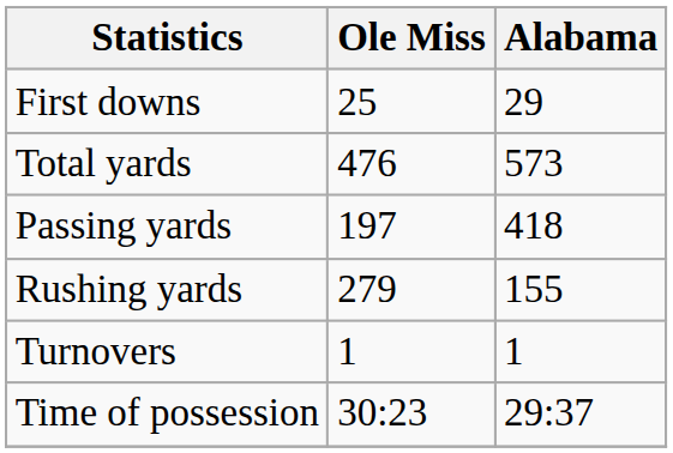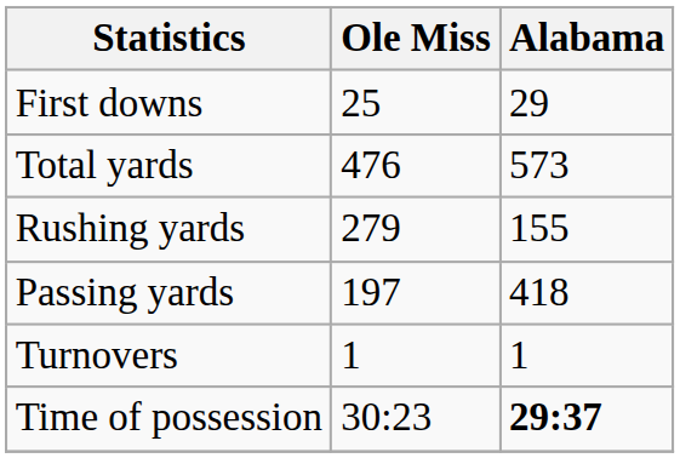 <table class="wikitable" style="float: left;">
 <tr>
 <th>Statistics</th>
 <th>Ole Miss</th>
 <th>Alabama</th>
 </tr>
 <tr>
 <td>First downs</td>
 <td>25</td>
 <td>29</td>
 </tr>
 <tr>
 <td>Total yards</td>
 <td>476</td>
 <td>573</td>
 </tr>
 <tr>
+<td>Rushing yards</td>
+<td>279</td>
+<td>155</td>
+</tr>
+<tr>
 <td>Passing yards</td>
 <td>197</td>
 <td>418</td>
-</tr>
-<tr>
-<td>Rushing yards</td>
-<td>279</td>
-<td>155</td>
 </tr>
 <tr>
 <td>Turnovers</td>
 <td>1</td>
 <td>1</td>
 </tr>
 <tr>
 <td>Time of possession</td>
 <td>30:23</td>
-<td>29:37</td>
+<td><strong>29:37</strong></td>
 </tr>
 <tr>
 </tr>
 </table>
